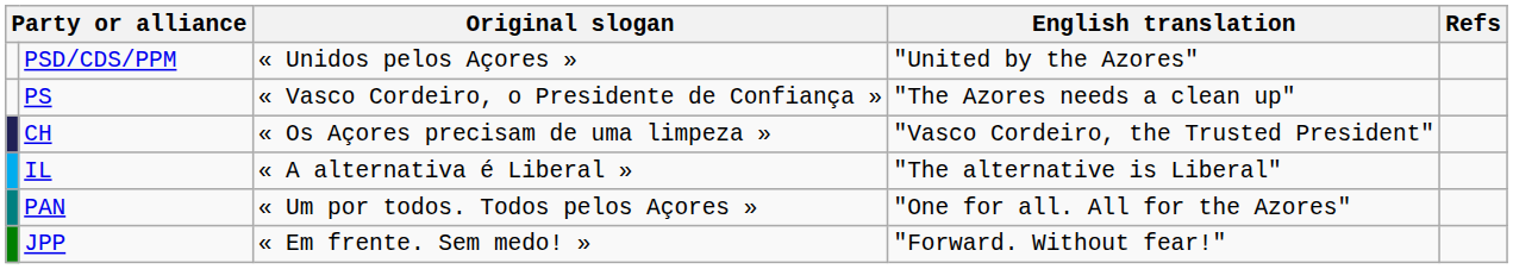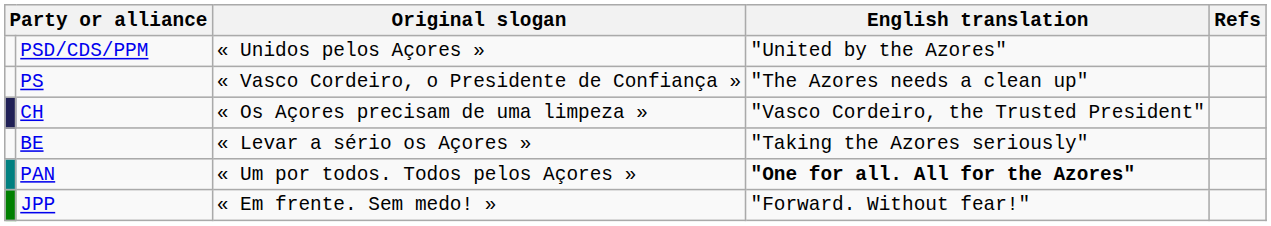 <table class="wikitable" style="font-size:97%; text-align:left;">
 <tr>
 <th style="text-align:left;" colspan="2">Party or alliance</th>
 <th>Original slogan</th>
 <th>English translation</th>
 <th>Refs</th>
 </tr>
 <tr>
 <td style="color:inherit;background:"></td>
 <td><a href='#'>PSD/CDS/PPM</a></td>
 <td>« Unidos pelos Açores »</td>
 <td>"United by the Azores"</td>
 <td></td>
 </tr>
 <tr>
 <td width="1" style="color:inherit;background:"></td>
 <td><a href='#'>PS</a></td>
 <td>« Vasco Cordeiro, o Presidente de Confiança »</td>
 <td>"The Azores needs a clean up"</td>
 <td></td>
 </tr>
 <tr>
 <td style="background:#202056;"></td>
 <td><a href='#'>CH</a></td>
 <td>« Os Açores precisam de uma limpeza »</td>
 <td>"Vasco Cordeiro, the Trusted President"</td>
 <td></td>
 </tr>
 <tr>
-<td style="background:#00ADEF;"></td>
-<td><a href='#'>IL</a></td>
-<td>« A alternativa é Liberal »</td>
-<td>"The alternative is Liberal"</td>
+<td style="color:inherit;background:"></td>
+<td><a href='#'>BE</a></td>
+<td>« Levar a sério os Açores »</td>
+<td>"Taking the Azores seriously"</td>
 <td></td>
 </tr>
 <tr>
 <td style="background:teal;"></td>
 <td><a href='#'>PAN</a></td>
 <td>« Um por todos. Todos pelos Açores »</td>
-<td>"One for all. All for the Azores"</td>
+<td><strong>"One for all. All for the Azores"</strong></td>
 <td></td>
 </tr>
 <tr>
 <td style="background:green;"></td>
 <td><a href='#'>JPP</a></td>
 <td>« Em frente. Sem medo! »</td>
 <td>"Forward. Without fear!"</td>
 <td></td>
 </tr>
 </table>
